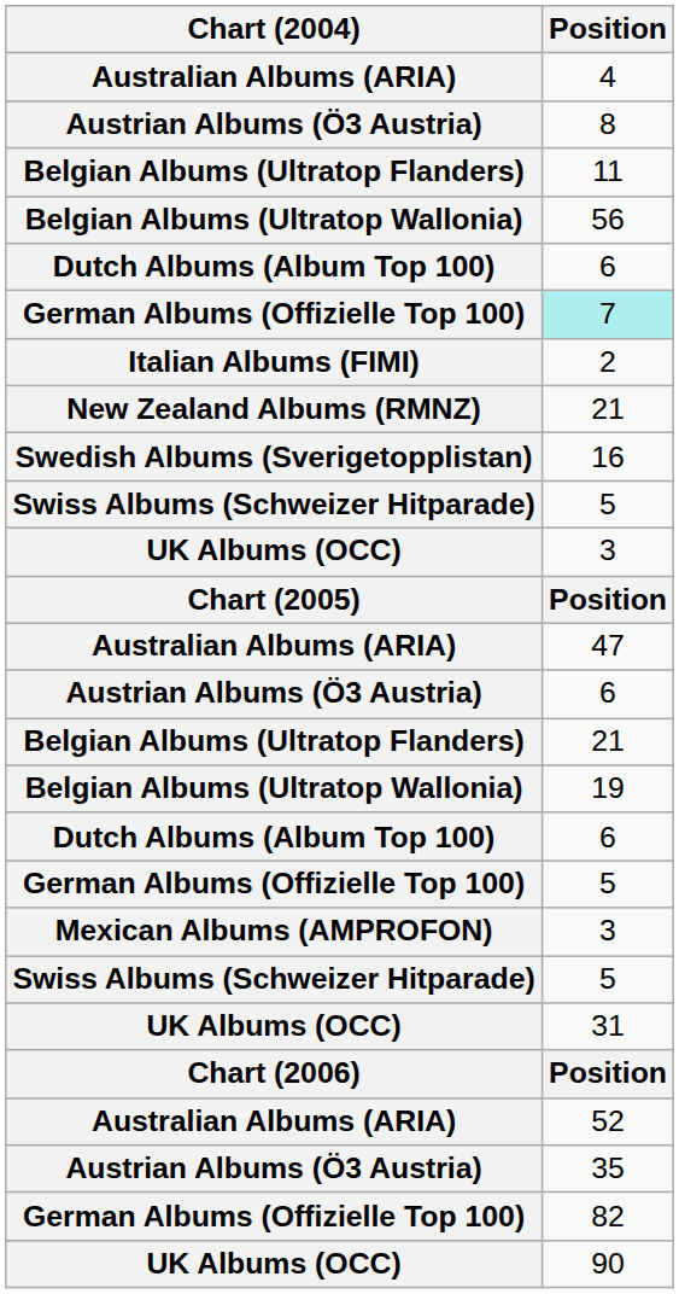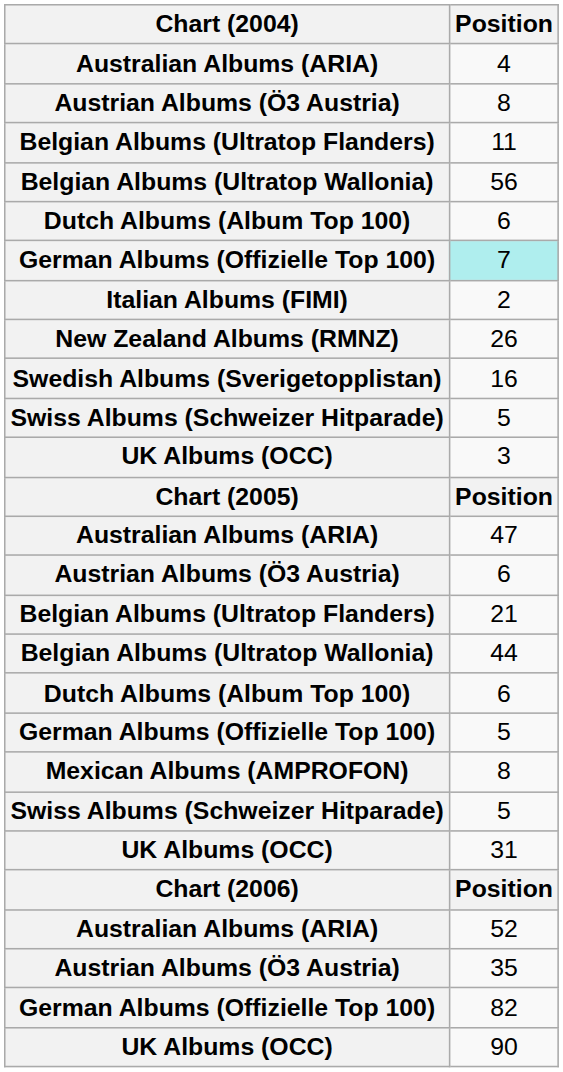 <table class="wikitable plainrowheaders" style="text-align:center">
 <tr>
 <th scope="col">Chart (2004)</th>
 <th scope="col">Position</th>
 </tr>
 <tr>
 <th scope="row">Australian Albums (ARIA)</th>
 <td>4</td>
 </tr>
 <tr>
 <th scope="row">Austrian Albums (Ö3 Austria)</th>
 <td>8</td>
 </tr>
 <tr>
 <th scope="row">Belgian Albums (Ultratop Flanders)</th>
 <td>11</td>
 </tr>
 <tr>
 <th scope="row">Belgian Albums (Ultratop Wallonia)</th>
 <td>56</td>
 </tr>
 <tr>
 <th scope="row">Dutch Albums (Album Top 100)</th>
 <td>6</td>
 </tr>
 <tr>
 <th scope="row">German Albums (Offizielle Top 100)</th>
 <td style="background: paleturquoise;">7</td>
 </tr>
 <tr>
 <th scope="row">Italian Albums (FIMI)</th>
 <td>2</td>
 </tr>
 <tr>
 <th scope="row">New Zealand Albums (RMNZ)</th>
-<td>21</td>
+<td>26</td>
 </tr>
 <tr>
 <th scope="row">Swedish Albums (Sverigetopplistan)</th>
 <td>16</td>
 </tr>
 <tr>
 <th scope="row">Swiss Albums (Schweizer Hitparade)</th>
 <td>5</td>
 </tr>
 <tr>
 <th scope="row">UK Albums (OCC)</th>
 <td>3</td>
 </tr>
 <tr>
 <th scope="col">Chart (2005)</th>
 <th scope="col">Position</th>
 </tr>
 <tr>
 <th scope="row">Australian Albums (ARIA)</th>
 <td>47</td>
 </tr>
 <tr>
 <th scope="row">Austrian Albums (Ö3 Austria)</th>
 <td>6</td>
 </tr>
 <tr>
 <th scope="row">Belgian Albums (Ultratop Flanders)</th>
 <td>21</td>
 </tr>
 <tr>
 <th scope="row">Belgian Albums (Ultratop Wallonia)</th>
-<td>19</td>
+<td>44</td>
 </tr>
 <tr>
 <th scope="row">Dutch Albums (Album Top 100)</th>
 <td>6</td>
 </tr>
 <tr>
 <th scope="row">German Albums (Offizielle Top 100)</th>
 <td>5</td>
 </tr>
 <tr>
 <th scope="row">Mexican Albums (AMPROFON)</th>
-<td>3</td>
+<td>8</td>
 </tr>
 <tr>
 <th scope="row">Swiss Albums (Schweizer Hitparade)</th>
 <td>5</td>
 </tr>
 <tr>
 <th scope="row">UK Albums (OCC)</th>
 <td>31</td>
 </tr>
 <tr>
 <th scope="col">Chart (2006)</th>
 <th scope="col">Position</th>
 </tr>
 <tr>
 <th scope="row">Australian Albums (ARIA)</th>
 <td>52</td>
 </tr>
 <tr>
 <th scope="row">Austrian Albums (Ö3 Austria)</th>
 <td>35</td>
 </tr>
 <tr>
 <th scope="row">German Albums (Offizielle Top 100)</th>
 <td>82</td>
 </tr>
 <tr>
 <th scope="row">UK Albums (OCC)</th>
 <td>90</td>
 </tr>
 </table>
